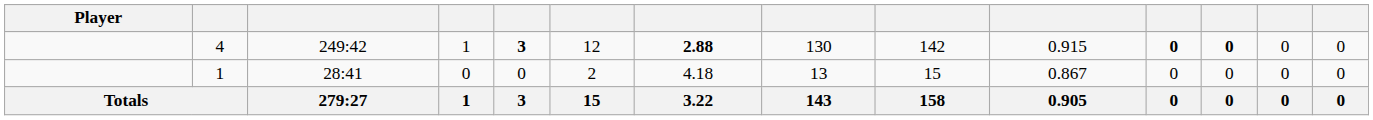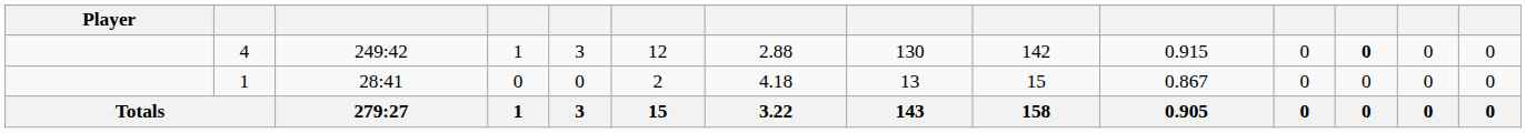 <table class="wikitable sortable" style="width:100%;">
 <tr style="text-align:center; background:#ddd;">
 <th>Player</th>
 <th></th>
 <th></th>
 <th></th>
 <th></th>
 <th></th>
 <th></th>
 <th></th>
 <th></th>
 <th></th>
 <th></th>
 <th></th>
 <th></th>
 <th></th>
 </tr>
 <tr align=center>
 <td style=white-space:nowrap></td>
 <td>4</td>
 <td>249:42</td>
 <td>1</td>
-<td><strong>3</strong></td>
+<td>3</td>
 <td>12</td>
-<td><strong>2.88</strong></td>
+<td>2.88</td>
 <td>130</td>
 <td>142</td>
 <td>0.915</td>
-<td><strong>0</strong></td>
+<td>0</td>
 <td><strong>0</strong></td>
 <td>0</td>
 <td>0</td>
 </tr>
 <tr align=center>
 <td style=white-space:nowrap></td>
 <td>1</td>
 <td>28:41</td>
 <td>0</td>
 <td>0</td>
 <td>2</td>
 <td>4.18</td>
 <td>13</td>
 <td>15</td>
 <td>0.867</td>
 <td>0</td>
 <td>0</td>
 <td>0</td>
 <td>0</td>
 </tr>
 <tr class="unsortable">
 <th colspan=2>Totals</th>
 <th>279:27</th>
 <th>1</th>
 <th>3</th>
 <th>15</th>
 <th>3.22</th>
 <th>143</th>
 <th>158</th>
 <th>0.905</th>
 <th>0</th>
 <th>0</th>
 <th>0</th>
 <th>0</th>
 </tr>
 </table>
